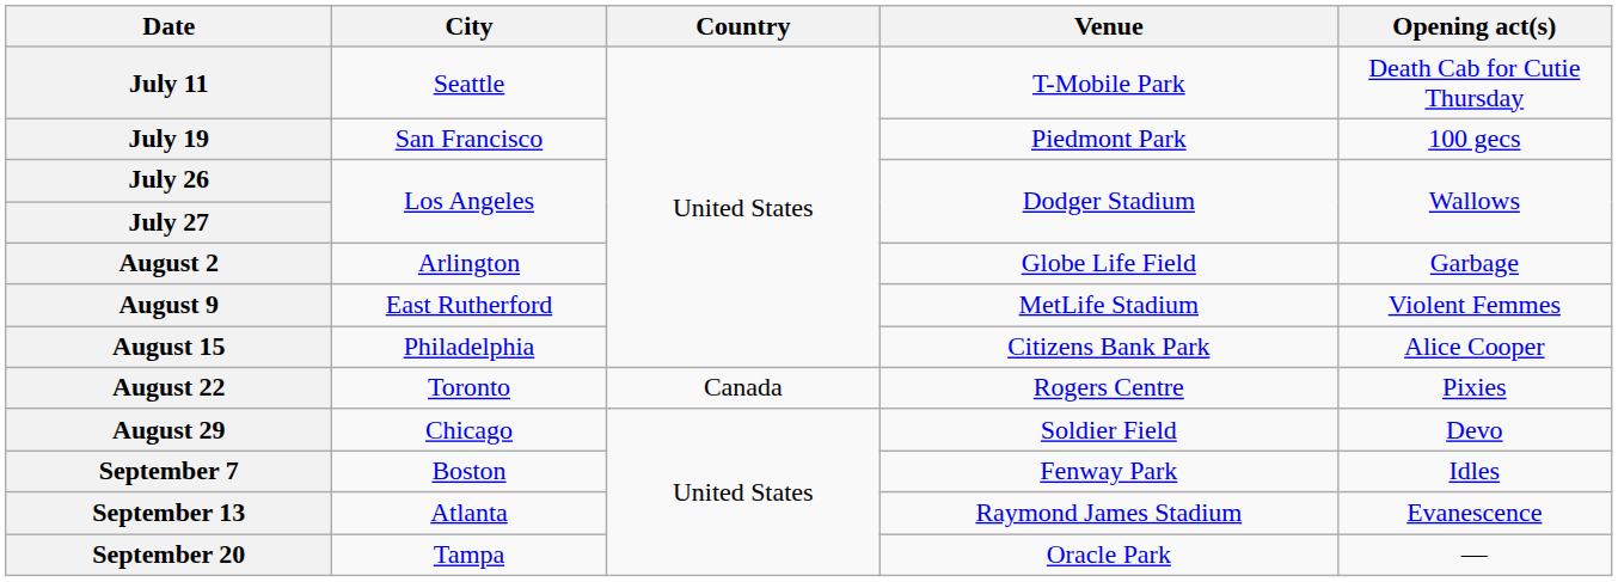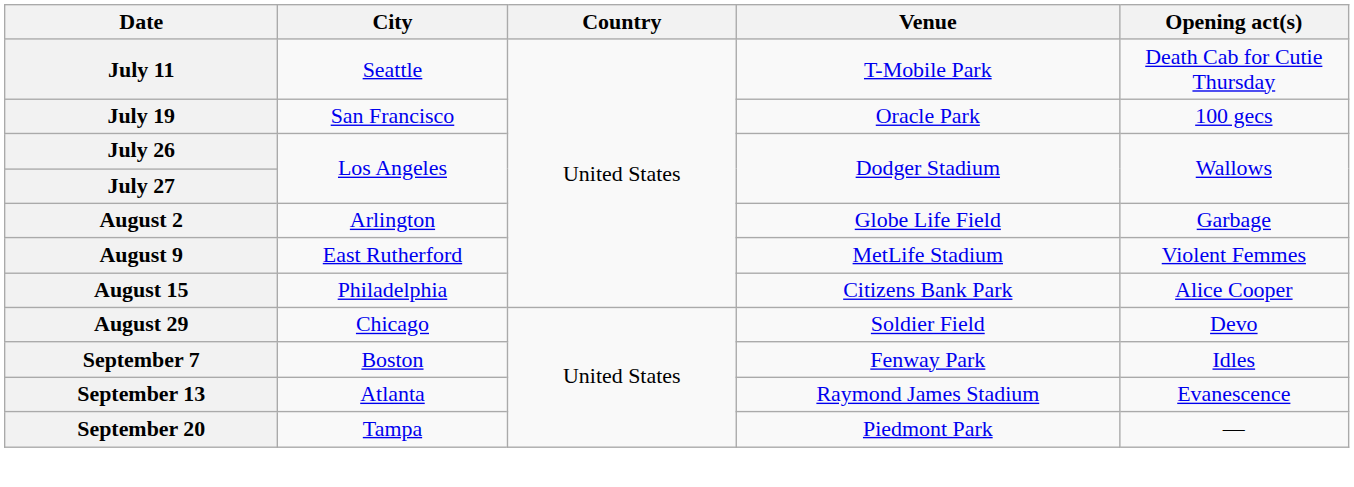 <table class="wikitable plainrowheaders" style="text-align:center;">
 <tr>
 <th scope="col" style="width:12em;">Date</th>
 <th scope="col" style="width:10em;">City</th>
 <th scope="col" style="width:10em;">Country</th>
 <th scope="col" style="width:17em;">Venue</th>
 <th scope="col" style="width:10em;">Opening act(s)<br> </th>
 </tr>
 <tr>
 <th scope="row" style="text-align:center;">July 11</th>
 <td><a href='#'>Seattle</a></td>
 <td rowspan="7">United States</td>
 <td><a href='#'>T-Mobile Park</a></td>
 <td><a href='#'>Death Cab for Cutie</a><br><a href='#'>Thursday</a></td>
 </tr>
 <tr>
 <th scope="row" style="text-align:center;">July 19</th>
 <td><a href='#'>San Francisco</a></td>
-<td><a href='#'>Piedmont Park</a></td>
+<td><a href='#'>Oracle Park</a></td>
 <td><a href='#'>100 gecs</a></td>
 </tr>
 <tr>
 <th scope="row" style="text-align:center;">July 26</th>
 <td rowspan="2"><a href='#'>Los Angeles</a></td>
 <td rowspan="2"><a href='#'>Dodger Stadium</a></td>
 <td rowspan="2"><a href='#'>Wallows</a></td>
 </tr>
 <tr>
 <th scope="row" style="text-align:center;">July 27</th>
 </tr>
 <tr>
 <th scope="row" style="text-align:center;">August 2</th>
 <td><a href='#'>Arlington</a></td>
 <td><a href='#'>Globe Life Field</a></td>
 <td><a href='#'>Garbage</a></td>
 </tr>
 <tr>
 <th scope="row" style="text-align:center;">August 9</th>
 <td><a href='#'>East Rutherford</a></td>
 <td><a href='#'>MetLife Stadium</a></td>
 <td><a href='#'>Violent Femmes</a></td>
 </tr>
 <tr>
 <th scope="row" style="text-align:center;">August 15</th>
 <td><a href='#'>Philadelphia</a></td>
 <td><a href='#'>Citizens Bank Park</a></td>
 <td><a href='#'>Alice Cooper</a></td>
 </tr>
 <tr>
-<th scope="row" style="text-align:center;">August 22</th>
-<td><a href='#'>Toronto</a></td>
-<td>Canada</td>
-<td><a href='#'>Rogers Centre</a></td>
-<td><a href='#'>Pixies</a></td>
-</tr>
-<tr>
 <th scope="row" style="text-align:center;">August 29</th>
 <td><a href='#'>Chicago</a></td>
 <td rowspan="4">United States</td>
 <td><a href='#'>Soldier Field</a></td>
 <td><a href='#'>Devo</a></td>
 </tr>
 <tr>
 <th scope="row" style="text-align:center;">September 7</th>
 <td><a href='#'>Boston</a></td>
 <td><a href='#'>Fenway Park</a></td>
 <td><a href='#'>Idles</a></td>
 </tr>
 <tr>
 <th scope="row" style="text-align:center;">September 13</th>
 <td><a href='#'>Atlanta</a></td>
 <td><a href='#'>Raymond James Stadium</a></td>
 <td><a href='#'>Evanescence</a></td>
 </tr>
 <tr>
 <th scope="row" style="text-align:center;">September 20</th>
 <td><a href='#'>Tampa</a></td>
-<td><a href='#'>Oracle Park</a></td>
+<td><a href='#'>Piedmont Park</a></td>
 <td>—</td>
 </tr>
 </table>
